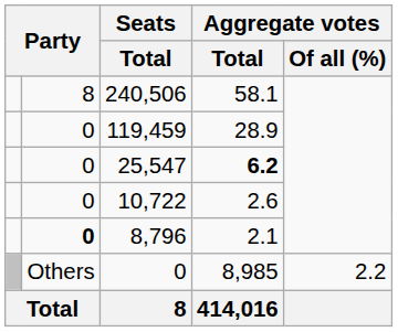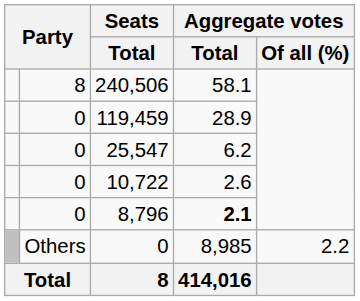 <table class="wikitable" style="text-align:right; font-size:95%;">
 <tr>
 <th colspan="2" rowspan="2">Party</th>
 <th>Seats</th>
 <th colspan="2">Aggregate votes</th>
 </tr>
 <tr>
 <th>Total</th>
 <th>Total</th>
 <th>Of all (%)</th>
 </tr>
 <tr>
 <td></td>
 <td>8</td>
 <td>240,506</td>
 <td>58.1</td>
 </tr>
 <tr>
 <td></td>
 <td>0</td>
 <td>119,459</td>
 <td>28.9</td>
 </tr>
 <tr>
 <td></td>
 <td>0</td>
 <td>25,547</td>
-<td><strong>6.2</strong></td>
+<td>6.2</td>
 </tr>
 <tr>
 <td></td>
 <td>0</td>
 <td>10,722</td>
 <td>2.6</td>
 </tr>
 <tr>
 <td></td>
-<td><strong>0</strong></td>
+<td>0</td>
 <td>8,796</td>
-<td>2.1</td>
+<td><strong>2.1</strong></td>
 </tr>
 <tr>
 <td style="background:silver;"> </td>
 <td align=left>Others</td>
 <td>0</td>
 <td>8,985</td>
 <td>2.2</td>
 </tr>
 <tr>
 <th colspan="2" style="background:#f2f2f2"><strong>Total</strong></th>
 <td style="background:#f2f2f2;"><strong>8</strong></td>
 <td style="background:#f2f2f2;"><strong>414,016</strong></td>
 <td style="background:#f2f2f2;"></td>
 </tr>
 </table>
